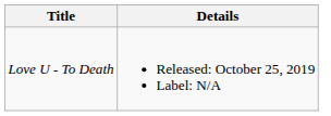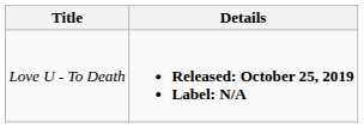 <table class="wikitable">
 <tr>
 <th rowspan="1">Title</th>
 <th rowspan="1">Details</th>
 </tr>
 <tr>
 <td><em>Love U - To Death</em></td>
-<td><br><ul><li>Released: October 25, 2019</li><li>Label: N/A</li></ul></td>
+<td><strong><br><ul><li>Released: October 25, 2019</li><li>Label: N/A</li></ul></strong></td>
 </tr>
 </table>
